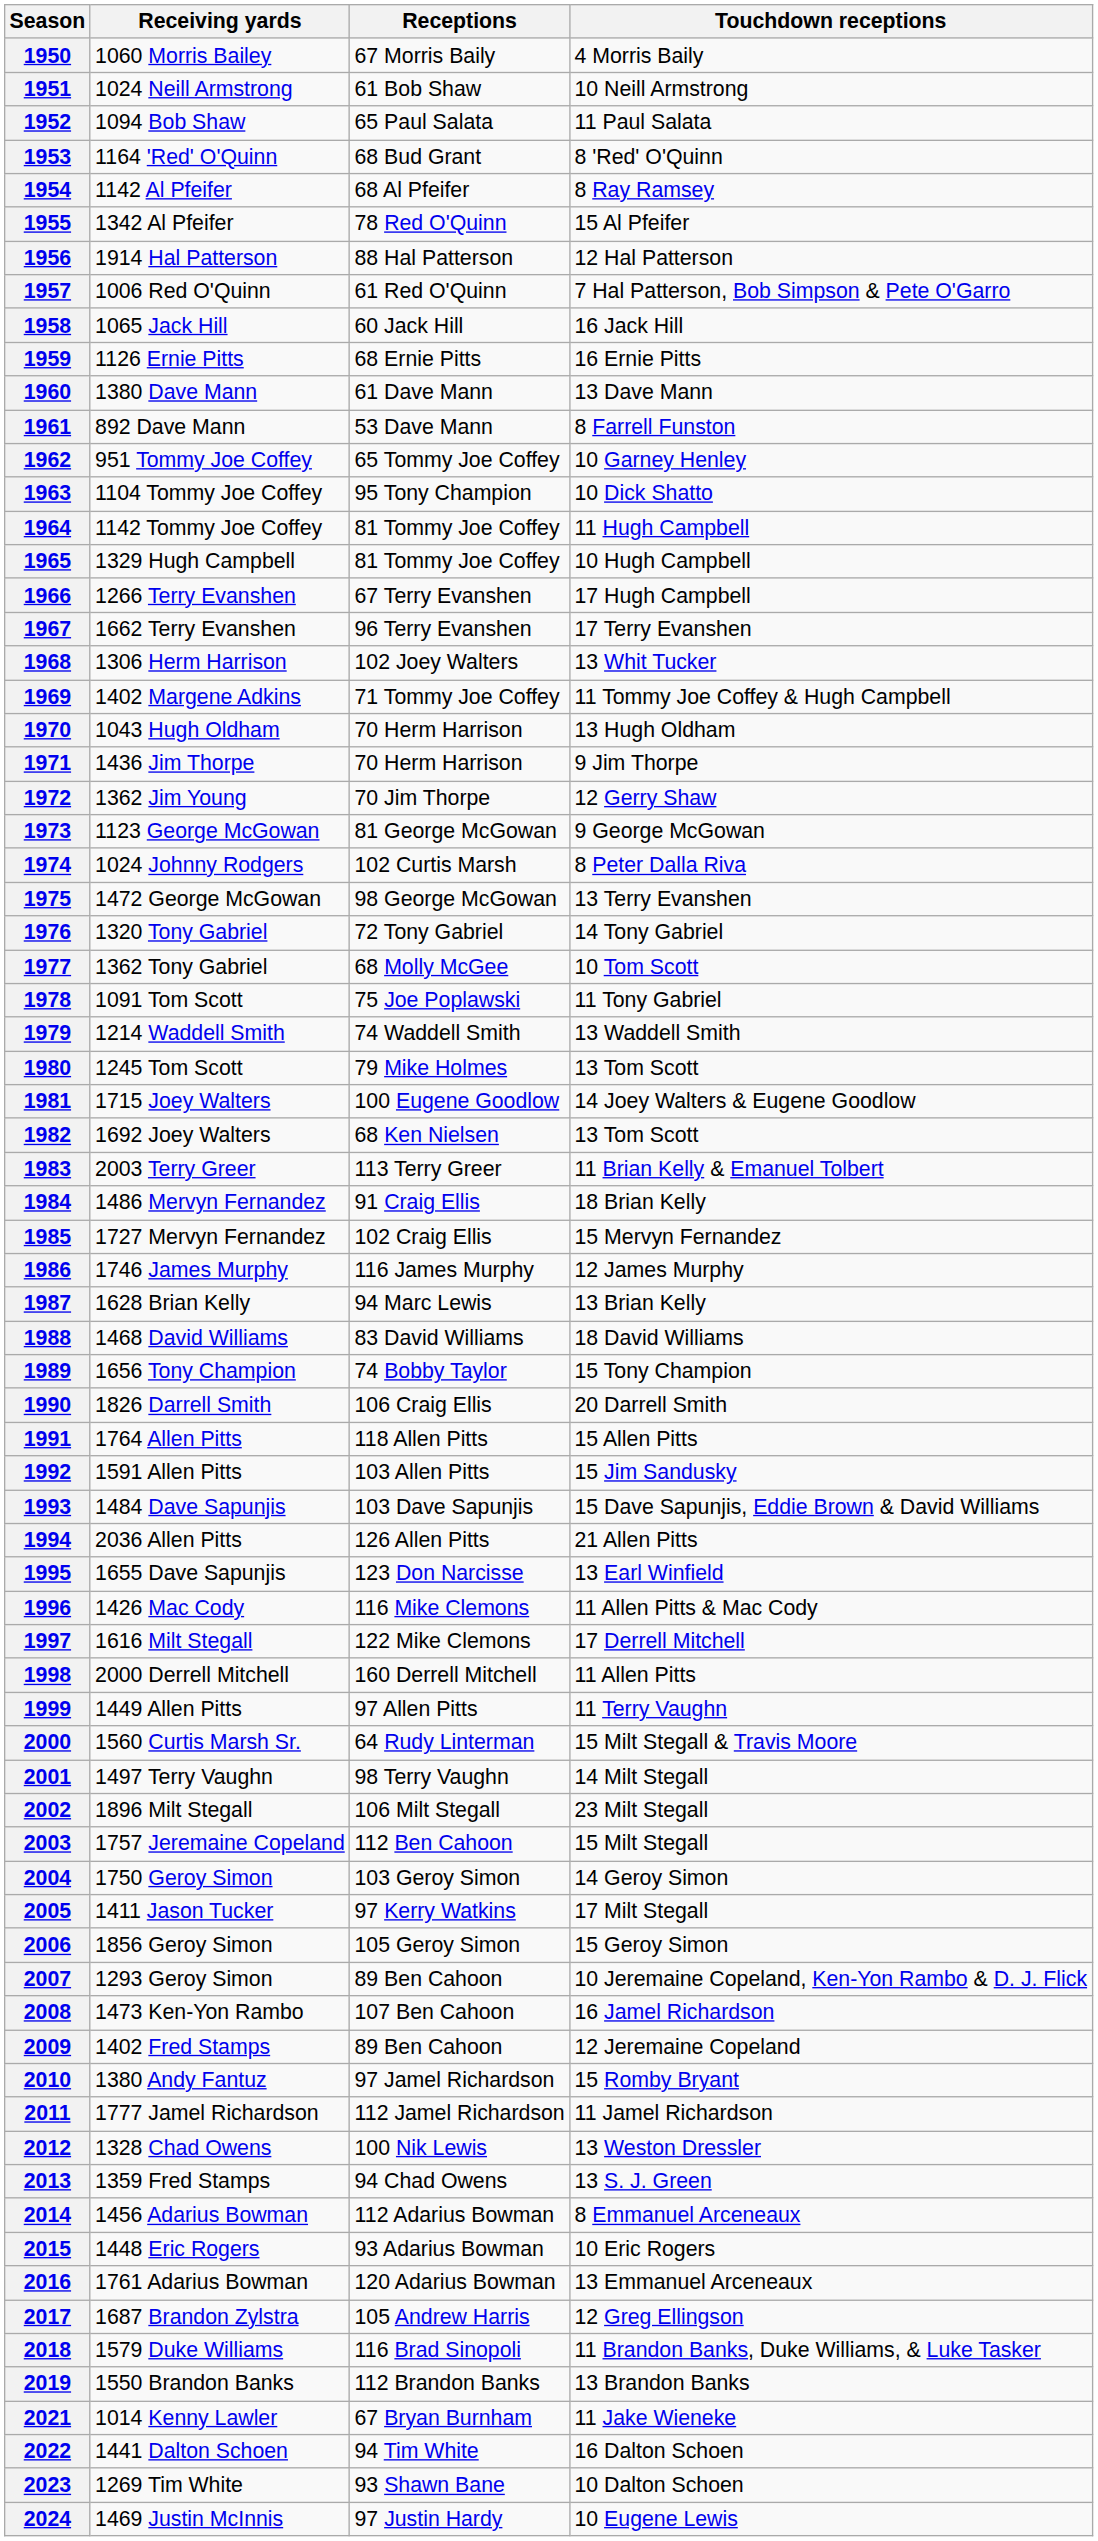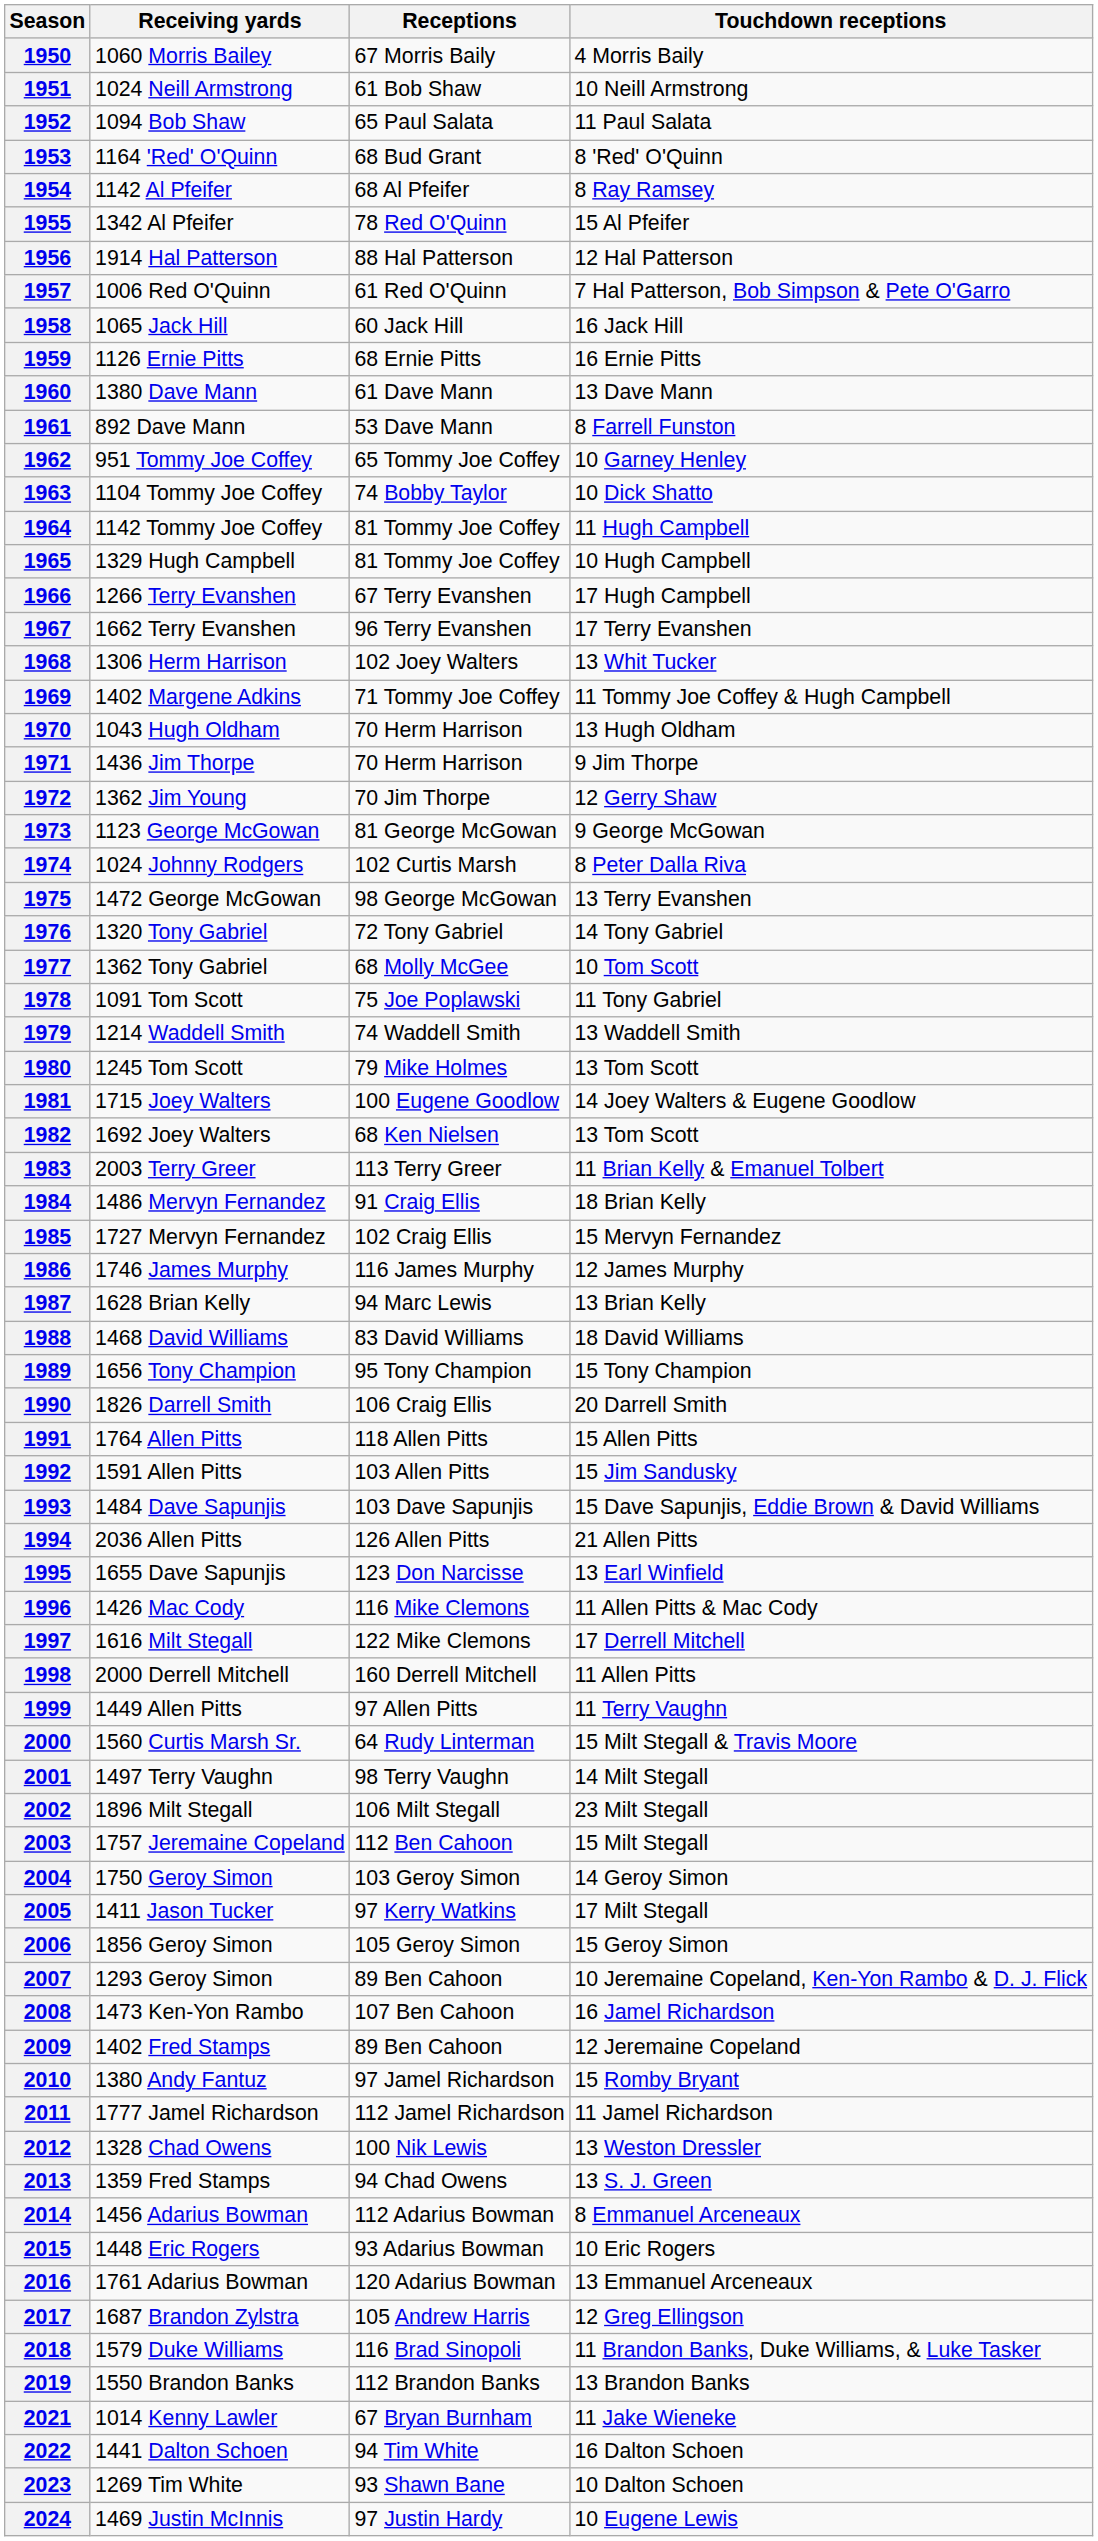 <table class="wikitable">
 <tr>
 <th>Season</th>
 <th>Receiving yards</th>
 <th>Receptions</th>
 <th>Touchdown receptions</th>
 </tr>
 <tr>
 <th><a href='#'>1950</a></th>
 <td>1060 <a href='#'>Morris Bailey</a></td>
 <td>67 Morris Baily</td>
 <td>4 Morris Baily</td>
 </tr>
 <tr>
 <th><a href='#'>1951</a></th>
 <td>1024 <a href='#'>Neill Armstrong</a></td>
 <td>61 Bob Shaw</td>
 <td>10 Neill Armstrong</td>
 </tr>
 <tr>
 <th><a href='#'>1952</a></th>
 <td>1094 <a href='#'>Bob Shaw</a></td>
 <td>65 Paul Salata</td>
 <td>11 Paul Salata</td>
 </tr>
 <tr>
 <th><a href='#'>1953</a></th>
 <td>1164 <a href='#'>'Red' O'Quinn</a></td>
 <td>68 Bud Grant</td>
 <td>8 'Red' O'Quinn</td>
 </tr>
 <tr>
 <th><a href='#'>1954</a></th>
 <td>1142 <a href='#'>Al Pfeifer</a></td>
 <td>68 Al Pfeifer</td>
 <td>8 <a href='#'>Ray Ramsey</a></td>
 </tr>
 <tr>
 <th><a href='#'>1955</a></th>
 <td>1342 Al Pfeifer</td>
 <td>78 <a href='#'>Red O'Quinn</a></td>
 <td>15 Al Pfeifer</td>
 </tr>
 <tr>
 <th><a href='#'>1956</a></th>
 <td>1914 <a href='#'>Hal Patterson</a></td>
 <td>88 Hal Patterson</td>
 <td>12 Hal Patterson</td>
 </tr>
 <tr>
 <th><a href='#'>1957</a></th>
 <td>1006 Red O'Quinn</td>
 <td>61 Red O'Quinn</td>
 <td>7 Hal Patterson, <a href='#'> Bob Simpson</a> & <a href='#'>Pete O'Garro</a></td>
 </tr>
 <tr>
 <th><a href='#'>1958</a></th>
 <td>1065 <a href='#'>Jack Hill</a></td>
 <td>60 Jack Hill</td>
 <td>16 Jack Hill</td>
 </tr>
 <tr>
 <th><a href='#'>1959</a></th>
 <td>1126 <a href='#'>Ernie Pitts</a></td>
 <td>68 Ernie Pitts</td>
 <td>16 Ernie Pitts</td>
 </tr>
 <tr>
 <th><a href='#'>1960</a></th>
 <td>1380 <a href='#'>Dave Mann</a></td>
 <td>61 Dave Mann</td>
 <td>13 Dave Mann</td>
 </tr>
 <tr>
 <th><a href='#'>1961</a></th>
 <td>892 Dave Mann</td>
 <td>53 Dave Mann</td>
 <td>8 <a href='#'>Farrell Funston</a></td>
 </tr>
 <tr>
 <th><a href='#'>1962</a></th>
 <td>951 <a href='#'>Tommy Joe Coffey</a></td>
 <td>65 Tommy Joe Coffey</td>
 <td>10 <a href='#'>Garney Henley</a></td>
 </tr>
 <tr>
 <th><a href='#'>1963</a></th>
 <td>1104 Tommy Joe Coffey</td>
-<td>95 Tony Champion</td>
+<td>74 <a href='#'>Bobby Taylor</a></td>
 <td>10 <a href='#'>Dick Shatto</a></td>
 </tr>
 <tr>
 <th><a href='#'>1964</a></th>
 <td>1142 Tommy Joe Coffey</td>
 <td>81 Tommy Joe Coffey</td>
 <td>11 <a href='#'>Hugh Campbell</a></td>
 </tr>
 <tr>
 <th><a href='#'>1965</a></th>
 <td>1329 Hugh Campbell</td>
 <td>81 Tommy Joe Coffey</td>
 <td>10 Hugh Campbell</td>
 </tr>
 <tr>
 <th><a href='#'>1966</a></th>
 <td>1266 <a href='#'>Terry Evanshen</a></td>
 <td>67 Terry Evanshen</td>
 <td>17 Hugh Campbell</td>
 </tr>
 <tr>
 <th><a href='#'>1967</a></th>
 <td>1662 Terry Evanshen</td>
 <td>96 Terry Evanshen</td>
 <td>17 Terry Evanshen</td>
 </tr>
 <tr>
 <th><a href='#'>1968</a></th>
 <td>1306 <a href='#'>Herm Harrison</a></td>
 <td>102 Joey Walters</td>
 <td>13 <a href='#'>Whit Tucker</a></td>
 </tr>
 <tr>
 <th><a href='#'>1969</a></th>
 <td>1402 <a href='#'>Margene Adkins</a></td>
 <td>71 Tommy Joe Coffey</td>
 <td>11 Tommy Joe Coffey & Hugh Campbell</td>
 </tr>
 <tr>
 <th><a href='#'>1970</a></th>
 <td>1043 <a href='#'>Hugh Oldham</a></td>
 <td>70 Herm Harrison</td>
 <td>13 Hugh Oldham</td>
 </tr>
 <tr>
 <th><a href='#'>1971</a></th>
 <td>1436 <a href='#'>Jim Thorpe</a></td>
 <td>70 Herm Harrison</td>
 <td>9 Jim Thorpe</td>
 </tr>
 <tr>
 <th><a href='#'>1972</a></th>
 <td>1362 <a href='#'>Jim Young</a></td>
 <td>70 Jim Thorpe</td>
 <td>12 <a href='#'>Gerry Shaw</a></td>
 </tr>
 <tr>
 <th><a href='#'>1973</a></th>
 <td>1123 <a href='#'>George McGowan</a></td>
 <td>81 George McGowan</td>
 <td>9 George McGowan</td>
 </tr>
 <tr>
 <th><a href='#'>1974</a></th>
 <td>1024 <a href='#'>Johnny Rodgers</a></td>
 <td>102 Curtis Marsh</td>
 <td>8 <a href='#'>Peter Dalla Riva</a></td>
 </tr>
 <tr>
 <th><a href='#'>1975</a></th>
 <td>1472 George McGowan</td>
 <td>98 George McGowan</td>
 <td>13 Terry Evanshen</td>
 </tr>
 <tr>
 <th><a href='#'>1976</a></th>
 <td>1320 <a href='#'>Tony Gabriel</a></td>
 <td>72 Tony Gabriel</td>
 <td>14 Tony Gabriel</td>
 </tr>
 <tr>
 <th><a href='#'>1977</a></th>
 <td>1362 Tony Gabriel</td>
 <td>68 <a href='#'>Molly McGee</a></td>
 <td>10 <a href='#'>Tom Scott</a></td>
 </tr>
 <tr>
 <th><a href='#'>1978</a></th>
 <td>1091 Tom Scott</td>
 <td>75 <a href='#'>Joe Poplawski</a></td>
 <td>11 Tony Gabriel</td>
 </tr>
 <tr>
 <th><a href='#'>1979</a></th>
 <td>1214 <a href='#'>Waddell Smith</a></td>
 <td>74 Waddell Smith</td>
 <td>13 Waddell Smith</td>
 </tr>
 <tr>
 <th><a href='#'>1980</a></th>
 <td>1245 Tom Scott</td>
 <td>79 <a href='#'>Mike Holmes</a></td>
 <td>13 Tom Scott</td>
 </tr>
 <tr>
 <th><a href='#'>1981</a></th>
 <td>1715 <a href='#'>Joey Walters</a></td>
 <td>100 <a href='#'>Eugene Goodlow</a></td>
 <td>14 Joey Walters & Eugene Goodlow</td>
 </tr>
 <tr>
 <th><a href='#'>1982</a></th>
 <td>1692 Joey Walters</td>
 <td>68 <a href='#'>Ken Nielsen</a></td>
 <td>13 Tom Scott</td>
 </tr>
 <tr>
 <th><a href='#'>1983</a></th>
 <td>2003 <a href='#'>Terry Greer</a></td>
 <td>113 Terry Greer</td>
 <td>11 <a href='#'>Brian Kelly</a> & <a href='#'>Emanuel Tolbert</a></td>
 </tr>
 <tr>
 <th><a href='#'>1984</a></th>
 <td>1486 <a href='#'>Mervyn Fernandez</a></td>
 <td>91 <a href='#'>Craig Ellis</a></td>
 <td>18 Brian Kelly</td>
 </tr>
 <tr>
 <th><a href='#'>1985</a></th>
 <td>1727 Mervyn Fernandez</td>
 <td>102 Craig Ellis</td>
 <td>15 Mervyn Fernandez</td>
 </tr>
 <tr>
 <th><a href='#'>1986</a></th>
 <td>1746 <a href='#'>James Murphy</a></td>
 <td>116 James Murphy</td>
 <td>12 James Murphy</td>
 </tr>
 <tr>
 <th><a href='#'>1987</a></th>
 <td>1628 Brian Kelly</td>
 <td>94 Marc Lewis</td>
 <td>13 Brian Kelly</td>
 </tr>
 <tr>
 <th><a href='#'>1988</a></th>
 <td>1468 <a href='#'>David Williams</a></td>
 <td>83 David Williams</td>
 <td>18 David Williams</td>
 </tr>
 <tr>
 <th><a href='#'>1989</a></th>
 <td>1656 <a href='#'>Tony Champion</a></td>
-<td>74 <a href='#'>Bobby Taylor</a></td>
+<td>95 Tony Champion</td>
 <td>15 Tony Champion</td>
 </tr>
 <tr>
 <th><a href='#'>1990</a></th>
 <td>1826 <a href='#'>Darrell Smith</a></td>
 <td>106 Craig Ellis</td>
 <td>20 Darrell Smith</td>
 </tr>
 <tr>
 <th><a href='#'>1991</a></th>
 <td>1764 <a href='#'>Allen Pitts</a></td>
 <td>118 Allen Pitts</td>
 <td>15 Allen Pitts</td>
 </tr>
 <tr>
 <th><a href='#'>1992</a></th>
 <td>1591 Allen Pitts</td>
 <td>103 Allen Pitts</td>
 <td>15 <a href='#'>Jim Sandusky</a></td>
 </tr>
 <tr>
 <th><a href='#'>1993</a></th>
 <td>1484 <a href='#'>Dave Sapunjis</a></td>
 <td>103 Dave Sapunjis</td>
 <td>15 Dave Sapunjis, <a href='#'>Eddie Brown</a> & David Williams</td>
 </tr>
 <tr>
 <th><a href='#'>1994</a></th>
 <td>2036 Allen Pitts</td>
 <td>126 Allen Pitts</td>
 <td>21 Allen Pitts</td>
 </tr>
 <tr>
 <th><a href='#'>1995</a></th>
 <td>1655 Dave Sapunjis</td>
 <td>123 <a href='#'>Don Narcisse</a></td>
 <td>13 <a href='#'>Earl Winfield</a></td>
 </tr>
 <tr>
 <th><a href='#'>1996</a></th>
 <td>1426 <a href='#'>Mac Cody</a></td>
 <td>116 <a href='#'>Mike Clemons</a></td>
 <td>11 Allen Pitts & Mac Cody</td>
 </tr>
 <tr>
 <th><a href='#'>1997</a></th>
 <td>1616 <a href='#'>Milt Stegall</a></td>
 <td>122 Mike Clemons</td>
 <td>17 <a href='#'>Derrell Mitchell</a></td>
 </tr>
 <tr>
 <th><a href='#'>1998</a></th>
 <td>2000 Derrell Mitchell</td>
 <td>160 Derrell Mitchell</td>
 <td>11 Allen Pitts</td>
 </tr>
 <tr>
 <th><a href='#'>1999</a></th>
 <td>1449 Allen Pitts</td>
 <td>97 Allen Pitts</td>
 <td>11 <a href='#'>Terry Vaughn</a></td>
 </tr>
 <tr>
 <th><a href='#'>2000</a></th>
 <td>1560 <a href='#'>Curtis Marsh Sr.</a></td>
 <td>64 <a href='#'>Rudy Linterman</a></td>
 <td>15 Milt Stegall & <a href='#'>Travis Moore</a></td>
 </tr>
 <tr>
 <th><a href='#'>2001</a></th>
 <td>1497 Terry Vaughn</td>
 <td>98 Terry Vaughn</td>
 <td>14 Milt Stegall</td>
 </tr>
 <tr>
 <th><a href='#'>2002</a></th>
 <td>1896 Milt Stegall</td>
 <td>106 Milt Stegall</td>
 <td>23 Milt Stegall</td>
 </tr>
 <tr>
 <th><a href='#'>2003</a></th>
 <td>1757 <a href='#'>Jeremaine Copeland</a></td>
 <td>112 <a href='#'>Ben Cahoon</a></td>
 <td>15 Milt Stegall</td>
 </tr>
 <tr>
 <th><a href='#'>2004</a></th>
 <td>1750 <a href='#'>Geroy Simon</a></td>
 <td>103 Geroy Simon</td>
 <td>14 Geroy Simon</td>
 </tr>
 <tr>
 <th><a href='#'>2005</a></th>
 <td>1411 <a href='#'>Jason Tucker</a></td>
 <td>97 <a href='#'>Kerry Watkins</a></td>
 <td>17 Milt Stegall</td>
 </tr>
 <tr>
 <th><a href='#'>2006</a></th>
 <td>1856 Geroy Simon</td>
 <td>105 Geroy Simon</td>
 <td>15 Geroy Simon</td>
 </tr>
 <tr>
 <th><a href='#'>2007</a></th>
 <td>1293 Geroy Simon</td>
 <td>89 Ben Cahoon</td>
 <td>10 Jeremaine Copeland, <a href='#'>Ken-Yon Rambo</a> & <a href='#'>D. J. Flick</a></td>
 </tr>
 <tr>
 <th><a href='#'>2008</a></th>
 <td>1473 Ken-Yon Rambo</td>
 <td>107 Ben Cahoon</td>
 <td>16 <a href='#'>Jamel Richardson</a></td>
 </tr>
 <tr>
 <th><a href='#'>2009</a></th>
 <td>1402 <a href='#'>Fred Stamps</a></td>
 <td>89 Ben Cahoon</td>
 <td>12 Jeremaine Copeland</td>
 </tr>
 <tr>
 <th><a href='#'>2010</a></th>
 <td>1380 <a href='#'>Andy Fantuz</a></td>
 <td>97 Jamel Richardson</td>
 <td>15 <a href='#'>Romby Bryant</a></td>
 </tr>
 <tr>
 <th><a href='#'>2011</a></th>
 <td>1777 Jamel Richardson</td>
 <td>112 Jamel Richardson</td>
 <td>11 Jamel Richardson</td>
 </tr>
 <tr>
 <th><a href='#'>2012</a></th>
 <td>1328 <a href='#'>Chad Owens</a></td>
 <td>100 <a href='#'>Nik Lewis</a></td>
 <td>13 <a href='#'>Weston Dressler</a></td>
 </tr>
 <tr>
 <th><a href='#'>2013</a></th>
 <td>1359 Fred Stamps</td>
 <td>94 Chad Owens</td>
 <td>13 <a href='#'>S. J. Green</a></td>
 </tr>
 <tr>
 <th><a href='#'>2014</a></th>
 <td>1456 <a href='#'>Adarius Bowman</a></td>
 <td>112 Adarius Bowman</td>
 <td>8 <a href='#'>Emmanuel Arceneaux</a></td>
 </tr>
 <tr>
 <th><a href='#'>2015</a></th>
 <td>1448 <a href='#'>Eric Rogers</a></td>
 <td>93 Adarius Bowman</td>
 <td>10 Eric Rogers</td>
 </tr>
 <tr>
 <th><a href='#'>2016</a></th>
 <td>1761 Adarius Bowman</td>
 <td>120 Adarius Bowman</td>
 <td>13 Emmanuel Arceneaux</td>
 </tr>
 <tr>
 <th><a href='#'>2017</a></th>
 <td>1687 <a href='#'>Brandon Zylstra</a></td>
 <td>105 <a href='#'>Andrew Harris</a></td>
 <td>12 <a href='#'>Greg Ellingson</a></td>
 </tr>
 <tr>
 <th><a href='#'>2018</a></th>
 <td>1579 <a href='#'>Duke Williams</a></td>
 <td>116 <a href='#'>Brad Sinopoli</a></td>
 <td>11 <a href='#'>Brandon Banks</a>, Duke Williams, & <a href='#'>Luke Tasker</a></td>
 </tr>
 <tr>
 <th><a href='#'>2019</a></th>
 <td>1550 Brandon Banks</td>
 <td>112 Brandon Banks</td>
 <td>13 Brandon Banks</td>
 </tr>
 <tr>
 <th><a href='#'>2021</a></th>
 <td>1014 <a href='#'>Kenny Lawler</a></td>
 <td>67 <a href='#'>Bryan Burnham</a></td>
 <td>11 <a href='#'>Jake Wieneke</a></td>
 </tr>
 <tr>
 <th><a href='#'>2022</a></th>
 <td>1441 <a href='#'>Dalton Schoen</a></td>
 <td>94 <a href='#'>Tim White</a></td>
 <td>16 Dalton Schoen</td>
 </tr>
 <tr>
 <th><a href='#'>2023</a></th>
 <td>1269 Tim White</td>
 <td>93 <a href='#'>Shawn Bane</a></td>
 <td>10 Dalton Schoen</td>
 </tr>
 <tr>
 <th><a href='#'>2024</a></th>
 <td>1469 <a href='#'>Justin McInnis</a></td>
 <td>97 <a href='#'>Justin Hardy</a></td>
 <td>10 <a href='#'>Eugene Lewis</a></td>
 </tr>
 </table>
